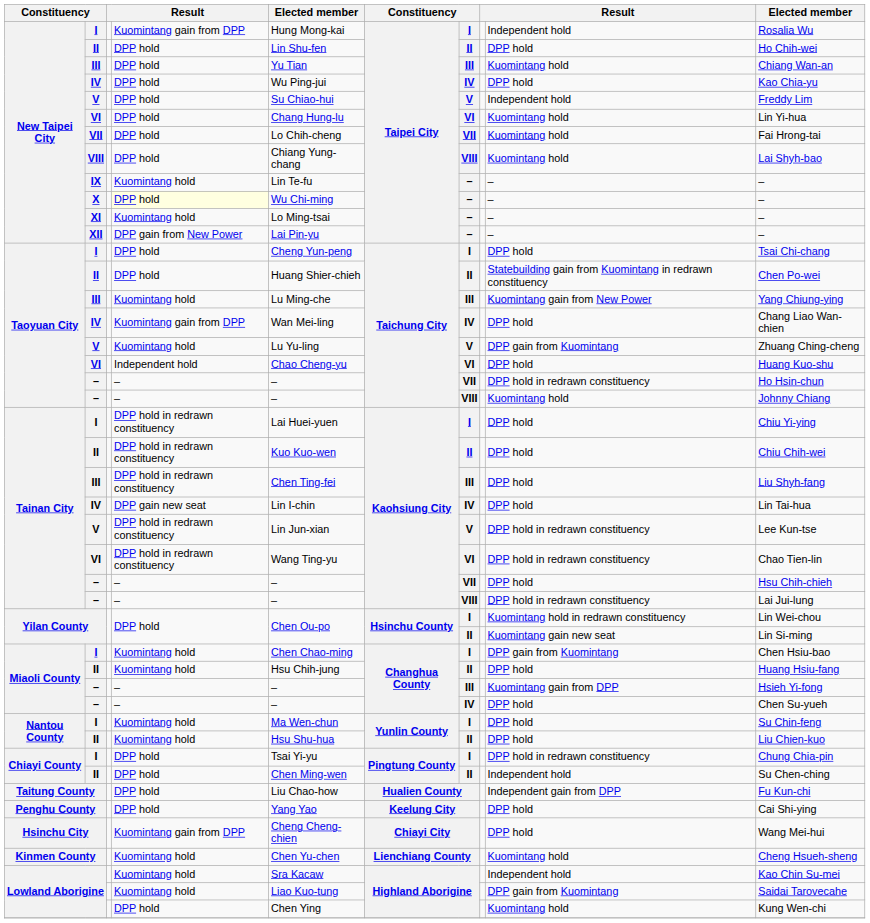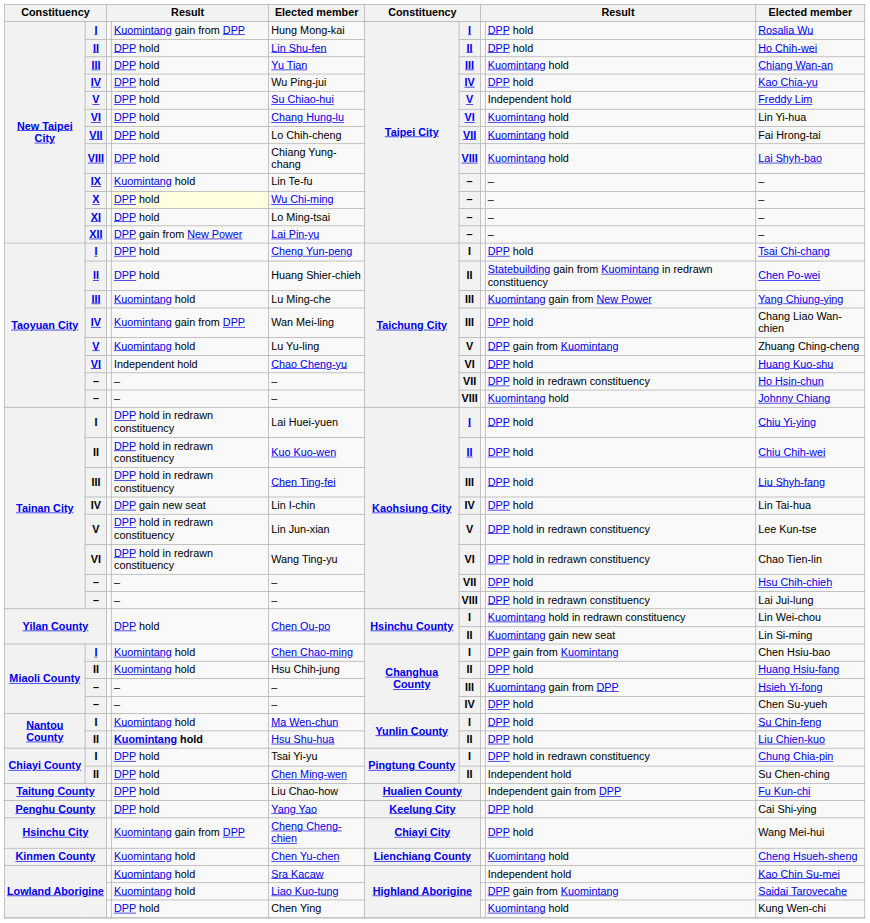 <table class="wikitable" style="font-size: 98%;">
 <tr>
 <th colspan="2">Constituency</th>
 <th colspan="2">Result</th>
 <th>Elected member</th>
 <th colspan="2">Constituency</th>
 <th colspan="2">Result</th>
 <th>Elected member</th>
 </tr>
 <tr>
 <th rowspan=12><a href='#'>New Taipei City</a></th>
 <th><a href='#'>I</a></th>
 <td></td>
 <td><a href='#'>Kuomintang</a> gain from <a href='#'>DPP</a></td>
 <td>Hung Mong-kai</td>
 <th rowspan="12"><a href='#'>Taipei City</a></th>
 <th><a href='#'>I</a></th>
 <td></td>
-<td>Independent hold</td>
+<td><a href='#'>DPP</a> hold</td>
 <td><a href='#'>Rosalia Wu</a></td>
 </tr>
 <tr>
 <th><a href='#'>II</a></th>
 <td></td>
 <td><a href='#'>DPP</a> hold</td>
 <td><a href='#'>Lin Shu-fen</a></td>
 <th><a href='#'>II</a></th>
 <td></td>
 <td><a href='#'>DPP</a> hold</td>
 <td><a href='#'>Ho Chih-wei</a></td>
 </tr>
 <tr>
 <th><a href='#'>III</a></th>
 <td></td>
 <td><a href='#'>DPP</a> hold</td>
 <td><a href='#'>Yu Tian</a></td>
 <th><a href='#'>III</a></th>
 <td></td>
 <td><a href='#'>Kuomintang</a> hold</td>
 <td><a href='#'>Chiang Wan-an</a></td>
 </tr>
 <tr>
 <th><a href='#'>IV</a></th>
 <td></td>
 <td><a href='#'>DPP</a> hold</td>
 <td>Wu Ping-jui</td>
 <th><a href='#'>IV</a></th>
 <td></td>
 <td><a href='#'>DPP</a> hold</td>
 <td><a href='#'>Kao Chia-yu</a></td>
 </tr>
 <tr>
 <th><a href='#'>V</a></th>
 <td></td>
 <td><a href='#'>DPP</a> hold</td>
 <td><a href='#'>Su Chiao-hui</a></td>
 <th><a href='#'>V</a></th>
 <td></td>
 <td>Independent hold</td>
 <td><a href='#'>Freddy Lim</a></td>
 </tr>
 <tr>
 <th><a href='#'>VI</a></th>
 <td></td>
 <td><a href='#'>DPP</a> hold</td>
 <td><a href='#'>Chang Hung-lu</a></td>
 <th><a href='#'>VI</a></th>
 <td></td>
 <td><a href='#'>Kuomintang</a> hold</td>
 <td>Lin Yi-hua</td>
 </tr>
 <tr>
 <th><a href='#'>VII</a></th>
 <td></td>
 <td><a href='#'>DPP</a> hold</td>
 <td>Lo Chih-cheng</td>
 <th><a href='#'>VII</a></th>
 <td></td>
 <td><a href='#'>Kuomintang</a> hold</td>
 <td>Fai Hrong-tai</td>
 </tr>
 <tr>
 <th><a href='#'>VIII</a></th>
 <td></td>
 <td><a href='#'>DPP</a> hold</td>
 <td>Chiang Yung-chang</td>
 <th><a href='#'>VIII</a></th>
 <td></td>
 <td><a href='#'>Kuomintang</a> hold</td>
 <td><a href='#'>Lai Shyh-bao</a></td>
 </tr>
 <tr>
 <th><a href='#'>IX</a></th>
 <td></td>
 <td><a href='#'>Kuomintang</a> hold</td>
 <td>Lin Te-fu</td>
 <th>–</th>
 <td></td>
 <td>–</td>
 <td>–</td>
 </tr>
 <tr>
 <th><a href='#'>X</a></th>
 <td></td>
 <td style="background: lightyellow;"><a href='#'>DPP</a> hold</td>
 <td><a href='#'>Wu Chi-ming</a></td>
 <th>–</th>
 <td></td>
 <td>–</td>
 <td>–</td>
 </tr>
 <tr>
 <th><a href='#'>XI</a></th>
 <td></td>
-<td><a href='#'>Kuomintang</a> hold</td>
+<td><a href='#'>DPP</a> hold</td>
 <td>Lo Ming-tsai</td>
 <th>–</th>
 <td></td>
 <td>–</td>
 <td>–</td>
 </tr>
 <tr>
 <th><a href='#'>XII</a></th>
 <td></td>
 <td><a href='#'>DPP</a> gain from <a href='#'>New Power</a></td>
 <td><a href='#'>Lai Pin-yu</a></td>
 <th>–</th>
 <td></td>
 <td>–</td>
 <td>–</td>
 </tr>
 <tr>
 <th rowspan="8"><a href='#'>Taoyuan City</a></th>
 <th><a href='#'>I</a></th>
 <td></td>
 <td><a href='#'>DPP</a> hold</td>
 <td><a href='#'>Cheng Yun-peng</a></td>
 <th rowspan="8"><a href='#'>Taichung City</a></th>
 <th>I</th>
 <td></td>
 <td><a href='#'>DPP</a> hold</td>
 <td><a href='#'>Tsai Chi-chang</a></td>
 </tr>
 <tr>
 <th><a href='#'>II</a></th>
 <td></td>
 <td><a href='#'>DPP</a> hold</td>
 <td>Huang Shier-chieh</td>
 <th>II</th>
 <td></td>
 <td><a href='#'>Statebuilding</a> gain from <a href='#'>Kuomintang</a> in redrawn constituency</td>
 <td><a href='#'>Chen Po-wei</a></td>
 </tr>
 <tr>
 <th><a href='#'>III</a></th>
 <td></td>
 <td><a href='#'>Kuomintang</a> hold</td>
 <td>Lu Ming-che</td>
 <th>III</th>
 <td></td>
 <td><a href='#'>Kuomintang</a> gain from <a href='#'>New Power</a></td>
 <td><a href='#'>Yang Chiung-ying</a></td>
 </tr>
 <tr>
 <th><a href='#'>IV</a></th>
 <td></td>
 <td><a href='#'>Kuomintang</a> gain from <a href='#'>DPP</a></td>
 <td>Wan Mei-ling</td>
-<th>IV</th>
+<th>III</th>
 <td></td>
 <td><a href='#'>DPP</a> hold</td>
 <td>Chang Liao Wan-chien</td>
 </tr>
 <tr>
 <th><a href='#'>V</a></th>
 <td></td>
 <td><a href='#'>Kuomintang</a> hold</td>
 <td>Lu Yu-ling</td>
 <th>V</th>
 <td></td>
 <td><a href='#'>DPP</a> gain from <a href='#'>Kuomintang</a></td>
 <td>Zhuang Ching-cheng</td>
 </tr>
 <tr>
 <th><a href='#'>VI</a></th>
 <td></td>
 <td>Independent hold</td>
 <td><a href='#'>Chao Cheng-yu</a></td>
 <th>VI</th>
 <td></td>
 <td><a href='#'>DPP</a> hold</td>
 <td><a href='#'>Huang Kuo-shu</a></td>
 </tr>
 <tr>
 <th>–</th>
 <td></td>
 <td>–</td>
 <td>–</td>
 <th>VII</th>
 <td></td>
 <td><a href='#'>DPP</a> hold in redrawn constituency</td>
 <td><a href='#'>Ho Hsin-chun</a></td>
 </tr>
 <tr>
 <th>–</th>
 <td></td>
 <td>–</td>
 <td>–</td>
 <th>VIII</th>
 <td></td>
 <td><a href='#'>Kuomintang</a> hold</td>
 <td><a href='#'>Johnny Chiang</a></td>
 </tr>
 <tr>
 <th rowspan="8"><a href='#'>Tainan City</a></th>
 <th>I</th>
 <td></td>
 <td><a href='#'>DPP</a> hold in redrawn constituency</td>
 <td>Lai Huei-yuen</td>
 <th rowspan="8"><a href='#'>Kaohsiung City</a></th>
 <th><a href='#'>I</a></th>
 <td></td>
 <td><a href='#'>DPP</a> hold</td>
 <td><a href='#'>Chiu Yi-ying</a></td>
 </tr>
 <tr>
 <th>II</th>
 <td></td>
 <td><a href='#'>DPP</a> hold in redrawn constituency</td>
 <td><a href='#'>Kuo Kuo-wen</a></td>
 <th><a href='#'>II</a></th>
 <td></td>
 <td><a href='#'>DPP</a> hold</td>
 <td><a href='#'>Chiu Chih-wei</a></td>
 </tr>
 <tr>
 <th>III</th>
 <td></td>
 <td><a href='#'>DPP</a> hold in redrawn constituency</td>
 <td><a href='#'>Chen Ting-fei</a></td>
 <th>III</th>
 <td></td>
 <td><a href='#'>DPP</a> hold</td>
 <td><a href='#'>Liu Shyh-fang</a></td>
 </tr>
 <tr>
 <th>IV</th>
 <td></td>
 <td><a href='#'>DPP</a> gain new seat</td>
 <td>Lin I-chin</td>
 <th>IV</th>
 <td></td>
 <td><a href='#'>DPP</a> hold</td>
 <td>Lin Tai-hua</td>
 </tr>
 <tr>
 <th>V</th>
 <td></td>
 <td><a href='#'>DPP</a> hold in redrawn constituency</td>
 <td>Lin Jun-xian</td>
 <th>V</th>
 <td></td>
 <td><a href='#'>DPP</a> hold in redrawn constituency</td>
 <td>Lee Kun-tse</td>
 </tr>
 <tr>
 <th>VI</th>
 <td></td>
 <td><a href='#'>DPP</a> hold in redrawn constituency</td>
 <td>Wang Ting-yu</td>
 <th>VI</th>
 <td></td>
 <td><a href='#'>DPP</a> hold in redrawn constituency</td>
 <td>Chao Tien-lin</td>
 </tr>
 <tr>
 <th>–</th>
 <td></td>
 <td>–</td>
 <td>–</td>
 <th>VII</th>
 <td></td>
 <td><a href='#'>DPP</a> hold</td>
 <td><a href='#'>Hsu Chih-chieh</a></td>
 </tr>
 <tr>
 <th>–</th>
 <td></td>
 <td>–</td>
 <td>–</td>
 <th>VIII</th>
 <td></td>
 <td><a href='#'>DPP</a> hold in redrawn constituency</td>
 <td>Lai Jui-lung</td>
 </tr>
 <tr>
 <th colspan="2" rowspan="2"><a href='#'>Yilan County</a></th>
 <td rowspan="2"></td>
 <td rowspan="2"><a href='#'>DPP</a> hold</td>
 <td rowspan="2"><a href='#'>Chen Ou-po</a></td>
 <th rowspan="2"><a href='#'>Hsinchu County</a></th>
 <th>I</th>
 <td></td>
 <td><a href='#'>Kuomintang</a> hold in redrawn constituency</td>
 <td>Lin Wei-chou</td>
 </tr>
 <tr>
 <th>II</th>
 <td></td>
 <td><a href='#'>Kuomintang</a> gain new seat</td>
 <td>Lin Si-ming</td>
 </tr>
 <tr>
 <th rowspan="4"><a href='#'>Miaoli County</a></th>
 <th><a href='#'>I</a></th>
 <td></td>
 <td><a href='#'>Kuomintang</a> hold</td>
 <td><a href='#'>Chen Chao-ming</a></td>
 <th rowspan="4"><a href='#'>Changhua County</a></th>
 <th>I</th>
 <td></td>
 <td><a href='#'>DPP</a> gain from <a href='#'>Kuomintang</a></td>
 <td>Chen Hsiu-bao</td>
 </tr>
 <tr>
 <th>II</th>
 <td></td>
 <td><a href='#'>Kuomintang</a> hold</td>
 <td>Hsu Chih-jung</td>
 <th>II</th>
 <td></td>
 <td><a href='#'>DPP</a> hold</td>
 <td><a href='#'>Huang Hsiu-fang</a></td>
 </tr>
 <tr>
 <th>–</th>
 <td></td>
 <td>–</td>
 <td>–</td>
 <th>III</th>
 <td></td>
 <td><a href='#'>Kuomintang</a> gain from <a href='#'>DPP</a></td>
 <td><a href='#'>Hsieh Yi-fong</a></td>
 </tr>
 <tr>
 <th>–</th>
 <td></td>
 <td>–</td>
 <td>–</td>
 <th>IV</th>
 <td></td>
 <td><a href='#'>DPP</a> hold</td>
 <td>Chen Su-yueh</td>
 </tr>
 <tr>
 <th rowspan="2"><a href='#'>Nantou County</a></th>
 <th>I</th>
 <td></td>
 <td><a href='#'>Kuomintang</a> hold</td>
 <td><a href='#'>Ma Wen-chun</a></td>
 <th rowspan="2"><a href='#'>Yunlin County</a></th>
 <th>I</th>
 <td></td>
 <td><a href='#'>DPP</a> hold</td>
 <td><a href='#'>Su Chin-feng</a></td>
 </tr>
 <tr>
 <th>II</th>
 <td></td>
-<td><a href='#'>Kuomintang</a> hold</td>
+<td><strong><a href='#'>Kuomintang</a> hold</strong></td>
 <td><a href='#'>Hsu Shu-hua</a></td>
 <th>II</th>
 <td></td>
 <td><a href='#'>DPP</a> hold</td>
 <td><a href='#'>Liu Chien-kuo</a></td>
 </tr>
 <tr>
 <th rowspan="2"><a href='#'>Chiayi County</a></th>
 <th>I</th>
 <td></td>
 <td><a href='#'>DPP</a> hold</td>
 <td>Tsai Yi-yu</td>
 <th rowspan="2"><a href='#'>Pingtung County</a></th>
 <th>I</th>
 <td></td>
 <td><a href='#'>DPP</a> hold in redrawn constituency</td>
 <td><a href='#'>Chung Chia-pin</a></td>
 </tr>
 <tr>
 <th>II</th>
 <td></td>
 <td><a href='#'>DPP</a> hold</td>
 <td><a href='#'>Chen Ming-wen</a></td>
 <th>II</th>
 <td></td>
 <td>Independent hold</td>
 <td>Su Chen-ching</td>
 </tr>
 <tr>
 <th colspan="2"><a href='#'>Taitung County</a></th>
 <td></td>
 <td><a href='#'>DPP</a> hold</td>
 <td>Liu Chao-how</td>
 <th colspan="2"><a href='#'>Hualien County</a></th>
 <td></td>
 <td>Independent gain from <a href='#'>DPP</a></td>
 <td><a href='#'>Fu Kun-chi</a></td>
 </tr>
 <tr>
 <th colspan="2"><a href='#'>Penghu County</a></th>
 <td></td>
 <td><a href='#'>DPP</a> hold</td>
 <td><a href='#'>Yang Yao</a></td>
 <th colspan="2"><a href='#'>Keelung City</a></th>
 <td></td>
 <td><a href='#'>DPP</a> hold</td>
 <td>Cai Shi-ying</td>
 </tr>
 <tr>
 <th colspan="2"><a href='#'>Hsinchu City</a></th>
 <td></td>
 <td><a href='#'>Kuomintang</a> gain from <a href='#'>DPP</a></td>
 <td><a href='#'>Cheng Cheng-chien</a></td>
 <th colspan="2"><a href='#'>Chiayi City</a></th>
 <td></td>
 <td><a href='#'>DPP</a> hold</td>
 <td>Wang Mei-hui</td>
 </tr>
 <tr>
 <th colspan="2"><a href='#'>Kinmen County</a></th>
 <td></td>
 <td><a href='#'>Kuomintang</a> hold</td>
 <td><a href='#'>Chen Yu-chen</a></td>
 <th colspan="2"><a href='#'>Lienchiang County</a></th>
 <td></td>
 <td><a href='#'>Kuomintang</a> hold</td>
 <td><a href='#'>Cheng Hsueh-sheng</a></td>
 </tr>
 <tr>
 <th colspan="2" rowspan="3"><a href='#'>Lowland Aborigine</a></th>
 <td></td>
 <td><a href='#'>Kuomintang</a> hold</td>
 <td><a href='#'>Sra Kacaw</a></td>
 <th colspan="2" rowspan="3"><a href='#'>Highland Aborigine</a></th>
 <td></td>
 <td>Independent hold</td>
 <td><a href='#'>Kao Chin Su-mei</a></td>
 </tr>
 <tr>
 <td></td>
 <td><a href='#'>Kuomintang</a> hold</td>
 <td><a href='#'>Liao Kuo-tung</a></td>
 <td></td>
 <td><a href='#'>DPP</a> gain from <a href='#'>Kuomintang</a></td>
 <td><a href='#'>Saidai Tarovecahe</a></td>
 </tr>
 <tr>
 <td></td>
 <td><a href='#'>DPP</a> hold</td>
 <td>Chen Ying</td>
 <td></td>
 <td><a href='#'>Kuomintang</a> hold</td>
 <td>Kung Wen-chi</td>
 </tr>
 <tr>
 </tr>
 </table>
